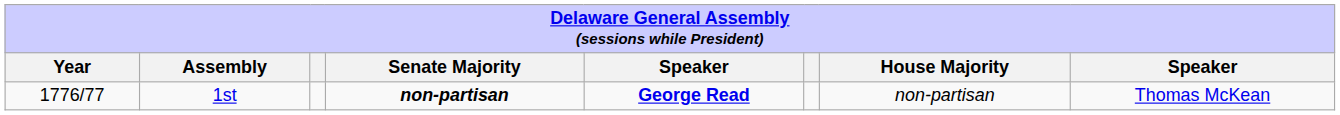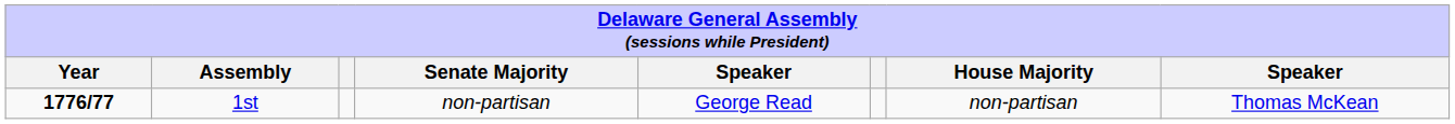 <table class="wikitable"  style="text-align:center; width:94%; margin:auto;">
 <tr style="background:#ccc;">
 <th colspan="12" style="background:#ccf;"><strong><a href='#'>Delaware General Assembly</a></strong> <br> <small> <em>(sessions while President)</em></small></th>
 </tr>
 <tr>
 <th><strong>Year</strong></th>
 <th><strong>Assembly</strong></th>
 <th></th>
 <th><strong>Senate Majority</strong></th>
 <th><strong>Speaker</strong></th>
 <th></th>
 <th><strong>House Majority</strong></th>
 <th><strong>Speaker</strong></th>
 </tr>
 <tr>
-<td>1776/77</td>
+<td><strong>1776/77</strong></td>
 <td><a href='#'>1st</a></td>
 <td></td>
-<td><strong><em>non-partisan</em></strong></td>
-<td><strong><a href='#'>George Read</a></strong></td>
+<td><em>non-partisan</em></td>
+<td><a href='#'>George Read</a></td>
 <td></td>
 <td><em>non-partisan</em></td>
 <td><a href='#'>Thomas McKean</a></td>
 </tr>
 </table>
